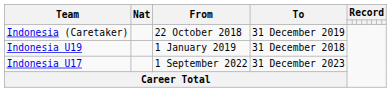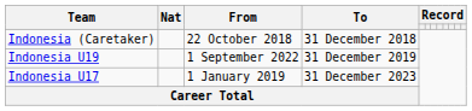 <table class="wikitable" style="text-align: center;">
 <tr>
 <th rowspan="2">Team</th>
 <th rowspan="2">Nat</th>
 <th rowspan="2">From</th>
 <th rowspan="2">To</th>
 <th colspan="8">Record</th>
 </tr>
 <tr>
 <th></th>
 <th></th>
 <th></th>
 <th></th>
 <th></th>
 <th></th>
 <th></th>
 <th></th>
 </tr>
 <tr>
 <td align="left"><a href='#'>Indonesia</a> (Caretaker)</td>
 <td></td>
 <td align="left">22 October 2018</td>
-<td align="left">31 December 2019<br></td>
+<td align="left">31 December 2018<br></td>
 </tr>
 <tr>
 <td align="left"><a href='#'>Indonesia U19</a></td>
 <td></td>
-<td align="left">1 January 2019</td>
-<td align="left">31 December 2018<br></td>
+<td align="left">1 September 2022</td>
+<td align="left">31 December 2019<br></td>
 </tr>
 <tr>
 <td align="left"><a href='#'>Indonesia U17</a></td>
 <td></td>
-<td align="left">1 September 2022</td>
+<td align="left">1 January 2019</td>
 <td align="left">31 December 2023<br></td>
 </tr>
 <tr>
 <th colspan="4">Career Total<br></th>
 </tr>
 </table>
